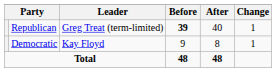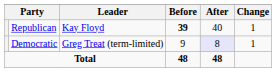 <table class="wikitable" style="text-align:center;">
 <tr>
 </tr>
 <tr>
 <th colspan=2>Party</th>
 <th>Leader</th>
 <th style="width:3em">Before</th>
 <th style="width:3em">After</th>
 <th style="width:3em">Change</th>
 </tr>
 <tr>
 <th style="background-color:"></th>
 <td style="text-align:left;"><a href='#'>Republican</a></td>
-<td style="text-align:left;"><a href='#'>Greg Treat</a> (term-limited)</td>
+<td style="text-align:left;"><a href='#'>Kay Floyd</a></td>
 <td><strong>39</strong></td>
 <td>40</td>
 <td> 1</td>
 </tr>
 <tr>
 <th style="background-color:"></th>
 <td style="text-align:left;"><a href='#'>Democratic</a></td>
-<td style="text-align:left;"><a href='#'>Kay Floyd</a></td>
+<td style="text-align:left;"><a href='#'>Greg Treat</a> (term-limited)</td>
 <td>9</td>
-<td>8</td>
+<td style="background: lavender;">8</td>
 <td> 1</td>
 </tr>
 <tr>
 <td colspan=3><strong>Total</strong></td>
 <td><strong>48</strong></td>
 <td><strong>48</strong></td>
 <td></td>
 </tr>
 </table>
